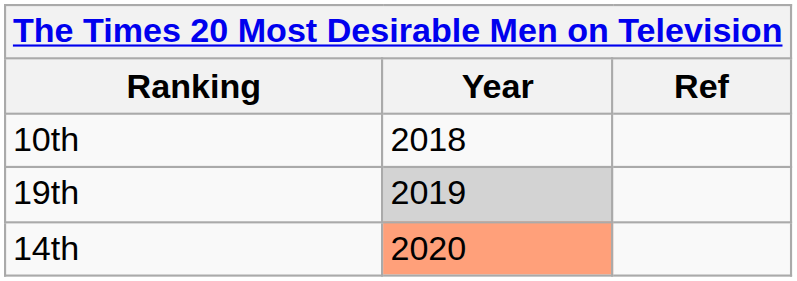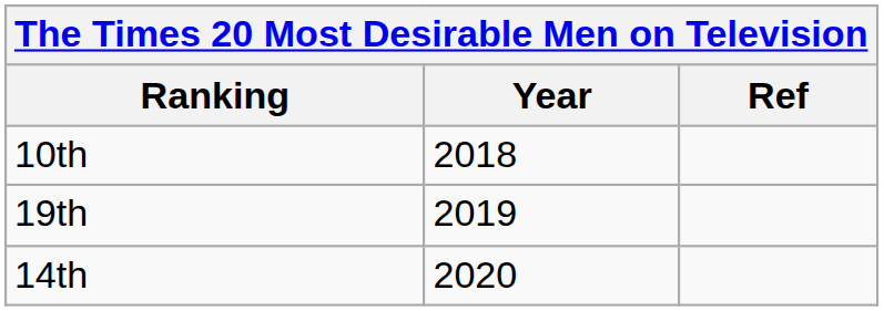 <table class="wikitable">
 <tr>
 <th colspan="3"><a href='#'>The Times 20 Most Desirable Men on Television</a></th>
 </tr>
 <tr>
 <th>Ranking</th>
 <th>Year</th>
 <th>Ref</th>
 </tr>
 <tr>
 <td>10th</td>
 <td>2018</td>
 <td></td>
 </tr>
 <tr>
 <td>19th</td>
-<td style="background: lightgrey;">2019</td>
+<td>2019</td>
 <td></td>
 </tr>
 <tr>
 <td>14th</td>
-<td style="background: lightsalmon;">2020</td>
+<td>2020</td>
 <td></td>
 </tr>
 </table>
